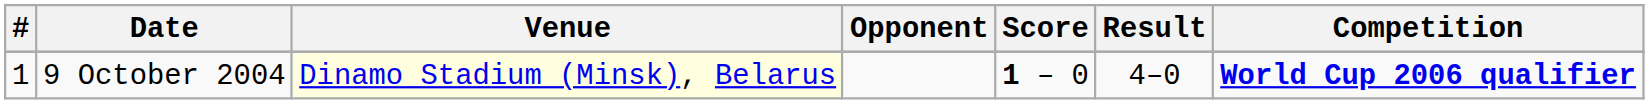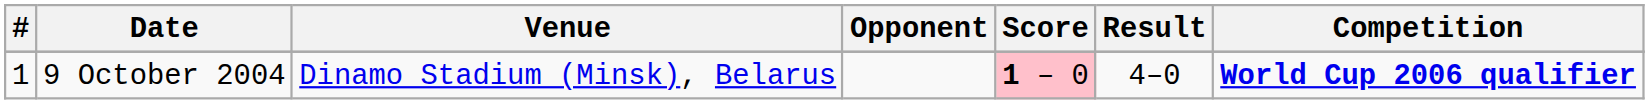 <table class="wikitable" border="1">
 <tr>
 <th>#</th>
 <th>Date</th>
 <th>Venue</th>
 <th>Opponent</th>
 <th>Score</th>
 <th>Result</th>
 <th>Competition</th>
 </tr>
 <tr>
 </tr>
 <tr>
 <td>1</td>
 <td>9 October 2004</td>
-<td style="background: lightyellow;"><a href='#'>Dinamo Stadium (Minsk)</a>, <a href='#'>Belarus</a></td>
+<td><a href='#'>Dinamo Stadium (Minsk)</a>, <a href='#'>Belarus</a></td>
 <td></td>
-<td align=center><strong>1</strong> – 0</td>
+<td align=center style="background: pink;"><strong>1</strong> – 0</td>
 <td align=center>4–0</td>
 <td><strong><a href='#'>World Cup 2006 qualifier</a></strong></td>
 </tr>
 </table>
